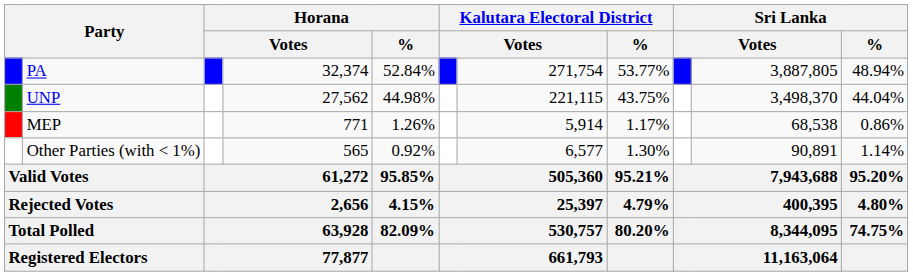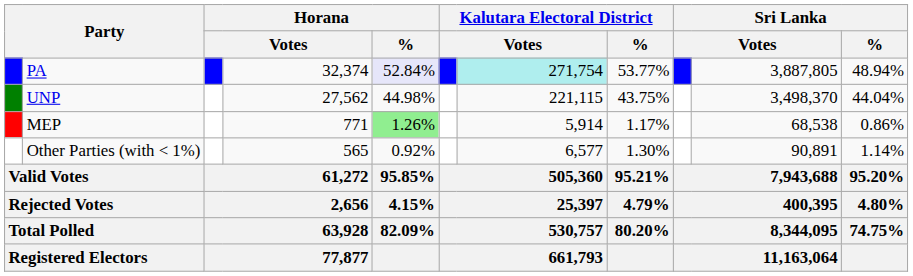 <table class="wikitable">
 <tr>
 <th colspan="2" width="144px"rowspan="2">Party</th>
 <th colspan="3" width="216px">Horana</th>
 <th colspan="3" width="216px"><a href='#'>Kalutara Electoral District</a></th>
 <th colspan="3" width="216px">Sri Lanka</th>
 </tr>
 <tr>
 <th colspan="2" width="144px">Votes</th>
 <th>%</th>
 <th colspan="2" width="144px">Votes</th>
 <th>%</th>
 <th colspan="2" width="144px">Votes</th>
 <th>%</th>
 </tr>
 <tr>
 <td style="background-color:blue;" width="10px"></td>
 <td style="text-align:left;"><a href='#'>PA</a></td>
 <td style="background-color:blue;" width="10px"></td>
 <td style="text-align:right;">32,374</td>
-<td style="text-align:right;">52.84%</td>
+<td style="background: lavender; text-align:right;">52.84%</td>
 <td style="background-color:blue;" width="10px"></td>
-<td style="text-align:right;">271,754</td>
+<td style="background: paleturquoise; text-align:right;">271,754</td>
 <td style="text-align:right;">53.77%</td>
 <td style="background-color:blue;" width="10px"></td>
 <td style="text-align:right;">3,887,805</td>
 <td style="text-align:right;">48.94%</td>
 </tr>
 <tr>
 <td style="background-color:green;" width="10px"></td>
 <td style="text-align:left;"><a href='#'>UNP</a></td>
 <td style="background-color:white;" width="10px"></td>
 <td style="text-align:right;">27,562</td>
 <td style="text-align:right;">44.98%</td>
 <td style="background-color:white;" width="10px"></td>
 <td style="text-align:right;">221,115</td>
 <td style="text-align:right;">43.75%</td>
 <td style="background-color:white;" width="10px"></td>
 <td style="text-align:right;">3,498,370</td>
 <td style="text-align:right;">44.04%</td>
 </tr>
 <tr>
 <td style="background-color:red;" width="10px"></td>
 <td style="text-align:left;">MEP</td>
 <td style="background-color:white;" width="10px"></td>
 <td style="text-align:right;">771</td>
-<td style="text-align:right;">1.26%</td>
+<td style="background: lightgreen; text-align:right;">1.26%</td>
 <td style="background-color:white;" width="10px"></td>
 <td style="text-align:right;">5,914</td>
 <td style="text-align:right;">1.17%</td>
 <td style="background-color:white;" width="10px"></td>
 <td style="text-align:right;">68,538</td>
 <td style="text-align:right;">0.86%</td>
 </tr>
 <tr>
 <td style="background-color:white;" width="10px"></td>
 <td style="text-align:left;">Other Parties (with < 1%)</td>
 <td style="background-color:white;" width="10px"></td>
 <td style="text-align:right;">565</td>
 <td style="text-align:right;">0.92%</td>
 <td style="background-color:white;" width="10px"></td>
 <td style="text-align:right;">6,577</td>
 <td style="text-align:right;">1.30%</td>
 <td style="background-color:white;" width="10px"></td>
 <td style="text-align:right;">90,891</td>
 <td style="text-align:right;">1.14%</td>
 </tr>
 <tr>
 <th colspan="2" width="144px"style="text-align:left;">Valid Votes</th>
 <th style="text-align:right;"colspan="2" width="144px">61,272</th>
 <th style="text-align:right;">95.85%</th>
 <th style="text-align:right;"colspan="2" width="144px">505,360</th>
 <th style="text-align:right;">95.21%</th>
 <th style="text-align:right;"colspan="2" width="144px">7,943,688</th>
 <th style="text-align:right;">95.20%</th>
 </tr>
 <tr>
 <th colspan="2" width="144px"style="text-align:left;">Rejected Votes</th>
 <th style="text-align:right;"colspan="2" width="144px">2,656</th>
 <th style="text-align:right;">4.15%</th>
 <th style="text-align:right;"colspan="2" width="144px">25,397</th>
 <th style="text-align:right;">4.79%</th>
 <th style="text-align:right;"colspan="2" width="144px">400,395</th>
 <th style="text-align:right;">4.80%</th>
 </tr>
 <tr>
 <th colspan="2" width="144px"style="text-align:left;">Total Polled</th>
 <th style="text-align:right;"colspan="2" width="144px">63,928</th>
 <th style="text-align:right;">82.09%</th>
 <th style="text-align:right;"colspan="2" width="144px">530,757</th>
 <th style="text-align:right;">80.20%</th>
 <th style="text-align:right;"colspan="2" width="144px">8,344,095</th>
 <th style="text-align:right;">74.75%</th>
 </tr>
 <tr>
 <th colspan="2" width="144px"style="text-align:left;">Registered Electors</th>
 <th style="text-align:right;"colspan="2" width="144px">77,877</th>
 <th></th>
 <th style="text-align:right;"colspan="2" width="144px">661,793</th>
 <th></th>
 <th style="text-align:right;"colspan="2" width="144px">11,163,064</th>
 <th></th>
 </tr>
 </table>
